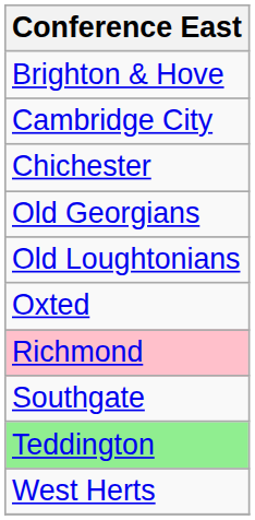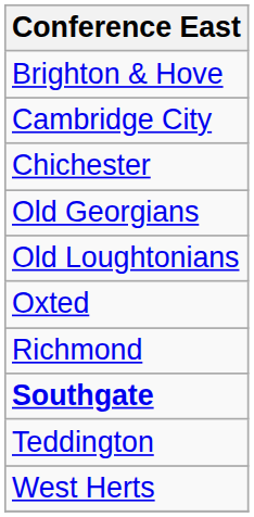 <table class="wikitable">
 <tr>
 <th>Conference East</th>
 </tr>
 <tr>
 <td><a href='#'>Brighton & Hove</a></td>
 </tr>
 <tr>
 <td><a href='#'>Cambridge City</a></td>
 </tr>
 <tr>
 <td><a href='#'>Chichester</a></td>
 </tr>
 <tr>
 <td><a href='#'>Old Georgians</a></td>
 </tr>
 <tr>
 <td><a href='#'>Old Loughtonians</a></td>
 </tr>
 <tr>
 <td><a href='#'>Oxted</a></td>
 </tr>
 <tr>
-<td style="background: pink;"><a href='#'>Richmond</a></td>
+<td><a href='#'>Richmond</a></td>
 </tr>
 <tr>
-<td><a href='#'>Southgate</a></td>
+<td><strong><a href='#'>Southgate</a></strong></td>
 </tr>
 <tr>
-<td style="background: lightgreen;"><a href='#'>Teddington</a></td>
+<td><a href='#'>Teddington</a></td>
 </tr>
 <tr>
 <td><a href='#'>West Herts</a></td>
 </tr>
 <tr>
 </tr>
 </table>
